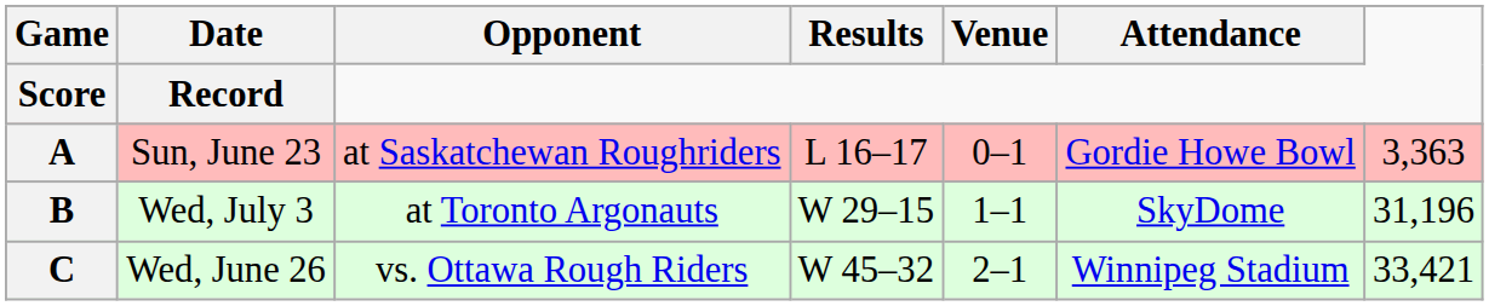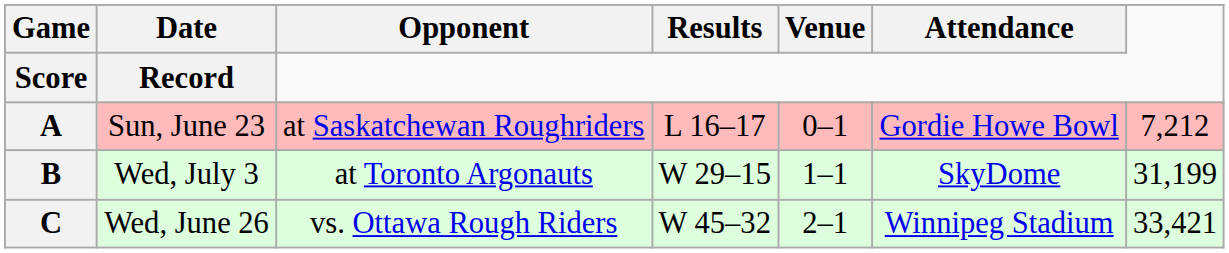 <table class="wikitable" style="text-align:center">
 <tr>
 <th>Game</th>
 <th>Date</th>
 <th>Opponent</th>
 <th>Results</th>
 <th>Venue</th>
 <th>Attendance</th>
 </tr>
 <tr>
 <th>Score</th>
 <th>Record</th>
 </tr>
 <tr style="background:#ffbbbb">
 <th>A</th>
 <td>Sun, June 23</td>
 <td>at <a href='#'>Saskatchewan Roughriders</a></td>
 <td>L 16–17</td>
 <td>0–1</td>
 <td><a href='#'>Gordie Howe Bowl</a></td>
-<td>3,363</td>
+<td>7,212</td>
 </tr>
 <tr style="background:#ddffdd">
 <th>B</th>
 <td>Wed, July 3</td>
 <td>at <a href='#'>Toronto Argonauts</a></td>
 <td>W 29–15</td>
 <td>1–1</td>
 <td><a href='#'>SkyDome</a></td>
-<td>31,196</td>
+<td>31,199</td>
 </tr>
 <tr style="background:#ddffdd">
 <th>C</th>
 <td>Wed, June 26</td>
 <td>vs. <a href='#'>Ottawa Rough Riders</a></td>
 <td>W 45–32</td>
 <td>2–1</td>
 <td><a href='#'>Winnipeg Stadium</a></td>
 <td>33,421</td>
 </tr>
 </table>
